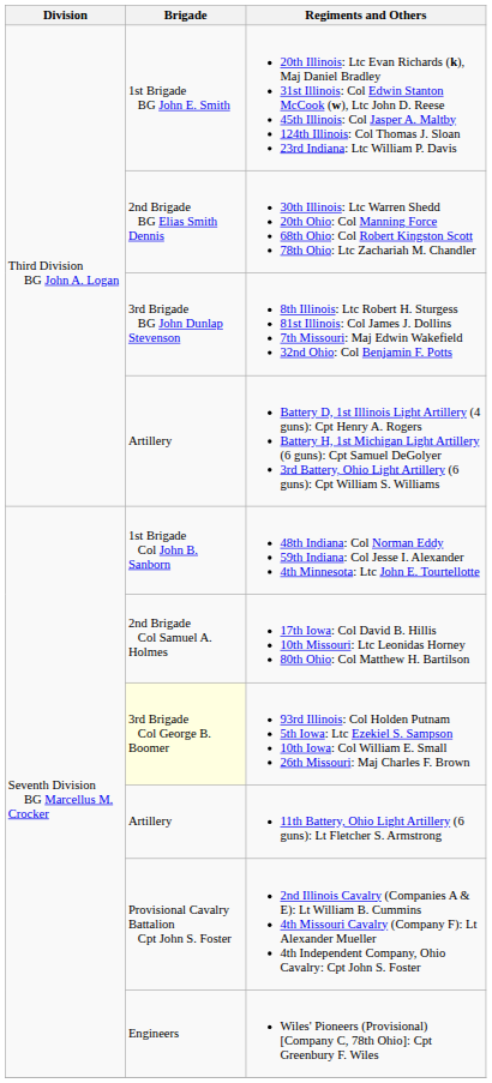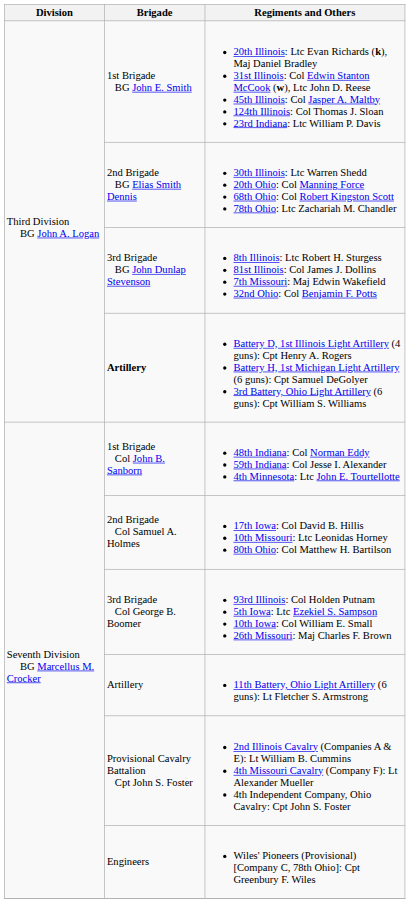 <table class="wikitable">
 <tr>
 <th width=25%>Division</th>
 <th width=25%>Brigade</th>
 <th>Regiments and Others</th>
 </tr>
 <tr>
 <td rowspan=4><br>Third Division <br>     BG <a href='#'>John A. Logan</a><br></td>
 <td>1st Brigade<br>   BG <a href='#'>John E. Smith</a></td>
 <td><br><ul><li><a href='#'>20th Illinois</a>: Ltc Evan Richards (<strong>k</strong>), Maj Daniel Bradley</li><li><a href='#'>31st Illinois</a>: Col <a href='#'>Edwin Stanton McCook</a> (<strong>w</strong>), Ltc John D. Reese</li><li><a href='#'>45th Illinois</a>: Col <a href='#'>Jasper A. Maltby</a></li><li><a href='#'>124th Illinois</a>: Col Thomas J. Sloan</li><li><a href='#'>23rd Indiana</a>: Ltc William P. Davis</li></ul></td>
 </tr>
 <tr>
 <td>2nd Brigade<br>   BG <a href='#'>Elias Smith Dennis</a></td>
 <td><br><ul><li><a href='#'>30th Illinois</a>: Ltc Warren Shedd</li><li><a href='#'>20th Ohio</a>: Col <a href='#'>Manning Force</a></li><li><a href='#'>68th Ohio</a>: Col <a href='#'>Robert Kingston Scott</a></li><li><a href='#'>78th Ohio</a>: Ltc Zachariah M. Chandler</li></ul></td>
 </tr>
 <tr>
 <td>3rd Brigade<br>   BG <a href='#'>John Dunlap Stevenson</a></td>
 <td><br><ul><li><a href='#'>8th Illinois</a>: Ltc Robert H. Sturgess</li><li><a href='#'>81st Illinois</a>: Col James J. Dollins</li><li><a href='#'>7th Missouri</a>: Maj Edwin Wakefield</li><li><a href='#'>32nd Ohio</a>: Col <a href='#'>Benjamin F. Potts</a></li></ul></td>
 </tr>
 <tr>
-<td>Artillery</td>
+<td><strong>Artillery</strong></td>
 <td><br><ul><li><a href='#'>Battery D, 1st Illinois Light Artillery</a> (4 guns): Cpt Henry A. Rogers</li><li><a href='#'>Battery H, 1st Michigan Light Artillery</a> (6 guns): Cpt Samuel DeGolyer</li><li><a href='#'>3rd Battery, Ohio Light Artillery</a> (6 guns): Cpt William S. Williams</li></ul></td>
 </tr>
 <tr>
 <td rowspan=6><br>Seventh Division <br>     BG <a href='#'>Marcellus M. Crocker</a><br></td>
 <td>1st Brigade<br>   Col <a href='#'>John B. Sanborn</a></td>
 <td><br><ul><li><a href='#'>48th Indiana</a>: Col <a href='#'>Norman Eddy</a></li><li><a href='#'>59th Indiana</a>: Col Jesse I. Alexander</li><li><a href='#'>4th Minnesota</a>: Ltc <a href='#'>John E. Tourtellotte</a></li></ul></td>
 </tr>
 <tr>
 <td>2nd Brigade<br>   Col Samuel A. Holmes</td>
 <td><br><ul><li><a href='#'>17th Iowa</a>: Col David B. Hillis</li><li><a href='#'>10th Missouri</a>: Ltc Leonidas Horney</li><li><a href='#'>80th Ohio</a>: Col Matthew H. Bartilson</li></ul></td>
 </tr>
 <tr>
-<td style="background: lightyellow;">3rd Brigade<br>   Col George B. Boomer</td>
+<td>3rd Brigade<br>   Col George B. Boomer</td>
 <td><br><ul><li><a href='#'>93rd Illinois</a>: Col Holden Putnam</li><li><a href='#'>5th Iowa</a>: Ltc <a href='#'>Ezekiel S. Sampson</a></li><li><a href='#'>10th Iowa</a>: Col William E. Small</li><li><a href='#'>26th Missouri</a>: Maj Charles F. Brown</li></ul></td>
 </tr>
 <tr>
 <td>Artillery</td>
 <td><br><ul><li><a href='#'>11th Battery, Ohio Light Artillery</a> (6 guns): Lt Fletcher S. Armstrong</li></ul></td>
 </tr>
 <tr>
 <td>Provisional Cavalry Battalion<br>   Cpt John S. Foster</td>
 <td><br><ul><li><a href='#'>2nd Illinois Cavalry</a> (Companies A & E): Lt William B. Cummins</li><li><a href='#'>4th Missouri Cavalry</a> (Company F): Lt Alexander Mueller</li><li>4th Independent Company, Ohio Cavalry: Cpt John S. Foster</li></ul></td>
 </tr>
 <tr>
 <td>Engineers</td>
 <td><br><ul><li>Wiles' Pioneers (Provisional) [Company C, 78th Ohio]: Cpt Greenbury F. Wiles</li></ul></td>
 </tr>
 <tr>
 </tr>
 </table>
